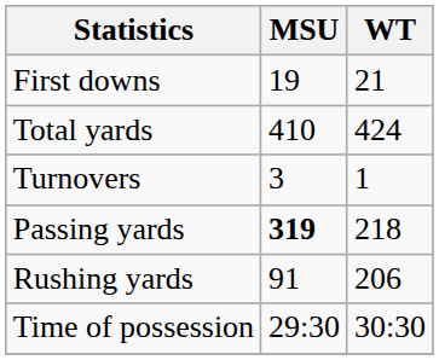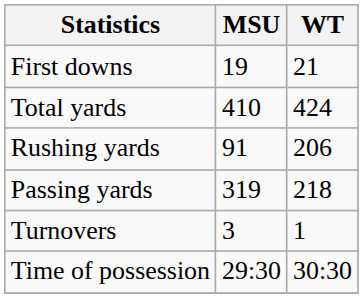 <table class="wikitable">
 <tr>
 <th>Statistics</th>
 <th>MSU</th>
 <th>WT</th>
 </tr>
 <tr>
 <td>First downs</td>
 <td>19</td>
 <td>21</td>
 </tr>
 <tr>
 <td>Total yards</td>
 <td>410</td>
 <td>424</td>
 </tr>
 <tr>
+<td>Rushing yards</td>
+<td>91</td>
+<td>206</td>
+</tr>
+<tr>
+<td>Passing yards</td>
+<td>319</td>
+<td>218</td>
+</tr>
+<tr>
 <td>Turnovers</td>
 <td>3</td>
 <td>1</td>
-</tr>
-<tr>
-<td>Passing yards</td>
-<td><strong>319</strong></td>
-<td>218</td>
-</tr>
-<tr>
-<td>Rushing yards</td>
-<td>91</td>
-<td>206</td>
 </tr>
 <tr>
 <td>Time of possession</td>
 <td>29:30</td>
 <td>30:30</td>
 </tr>
 <tr>
 </tr>
 </table>
